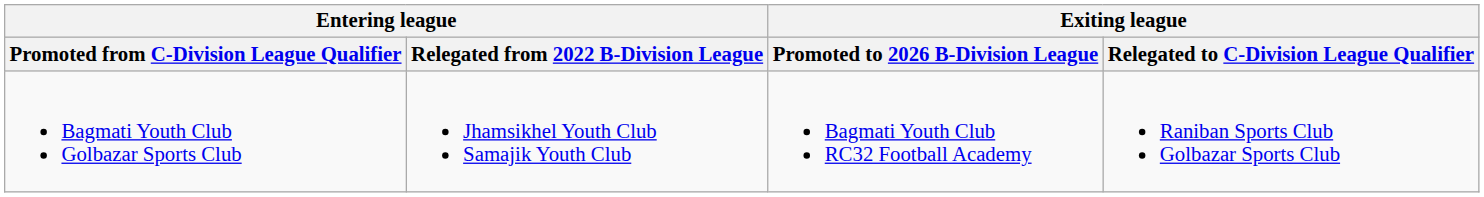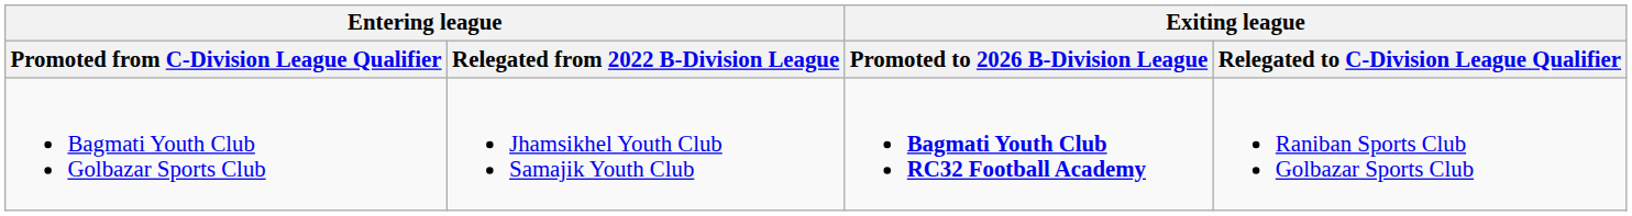 <table class="wikitable">
 <tr>
 <th colspan=2>Entering league</th>
 <th colspan=2>Exiting league</th>
 </tr>
 <tr>
 <th>Promoted from <a href='#'>C-Division League Qualifier</a> </th>
 <th>Relegated from <a href='#'>2022 B-Division League</a> </th>
 <th>Promoted to <a href='#'>2026 B-Division League</a></th>
 <th>Relegated to <a href='#'>C-Division League Qualifier</a></th>
 </tr>
 <tr style="vertical-align:top;">
 <td><br><ul><li><a href='#'>Bagmati Youth Club</a></li><li><a href='#'>Golbazar Sports Club</a></li></ul></td>
 <td><br><ul><li><a href='#'>Jhamsikhel Youth Club</a></li><li><a href='#'>Samajik Youth Club</a></li></ul></td>
-<td><br><ul><li><a href='#'>Bagmati Youth Club</a></li><li><a href='#'>RC32 Football Academy</a></li></ul></td>
+<td><strong><br><ul><li><a href='#'>Bagmati Youth Club</a></li><li><a href='#'>RC32 Football Academy</a></li></ul></strong></td>
 <td><br><ul><li><a href='#'>Raniban Sports Club</a></li><li><a href='#'>Golbazar Sports Club</a></li></ul></td>
 </tr>
 </table>
